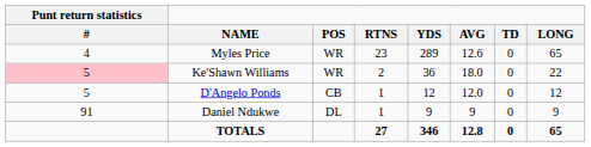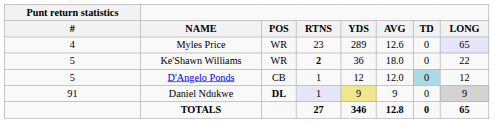 <table style="width:60%; text-align:center;" class="wikitable collapsible collapsed">
 <tr>
 <th style="text-align:center; ">Punt return statistics</th>
 </tr>
 <tr>
 <th>#</th>
 <th>NAME</th>
 <th>POS</th>
 <th>RTNS</th>
 <th>YDS</th>
 <th>AVG</th>
 <th>TD</th>
 <th>LONG</th>
 </tr>
 <tr>
 <td>4</td>
 <td>Myles Price</td>
 <td>WR</td>
 <td>23</td>
 <td>289</td>
 <td>12.6</td>
 <td>0</td>
-<td>65</td>
+<td style="background: lavender;">65</td>
 </tr>
 <tr>
-<td style="background: pink;">5</td>
+<td>5</td>
 <td>Ke'Shawn Williams</td>
 <td>WR</td>
-<td>2</td>
+<td><strong>2</strong></td>
 <td>36</td>
 <td>18.0</td>
 <td>0</td>
 <td>22</td>
 </tr>
 <tr>
 <td>5</td>
 <td><a href='#'>D'Angelo Ponds</a></td>
 <td>CB</td>
 <td>1</td>
 <td>12</td>
 <td>12.0</td>
-<td>0</td>
+<td style="background: lightblue;">0</td>
 <td>12</td>
 </tr>
 <tr>
 <td>91</td>
 <td>Daniel Ndukwe</td>
-<td>DL</td>
-<td>1</td>
-<td>9</td>
+<td><strong>DL</strong></td>
+<td style="background: lavender;">1</td>
+<td style="background: khaki;">9</td>
 <td>9</td>
 <td>0</td>
-<td>9</td>
+<td style="background: lightgrey;">9</td>
 </tr>
 <tr>
 <td></td>
 <td><strong>TOTALS</strong></td>
 <td></td>
 <td><strong>27</strong></td>
 <td><strong>346</strong></td>
 <td><strong>12.8</strong></td>
 <td><strong>0</strong></td>
 <td><strong>65</strong></td>
 </tr>
 </table>
